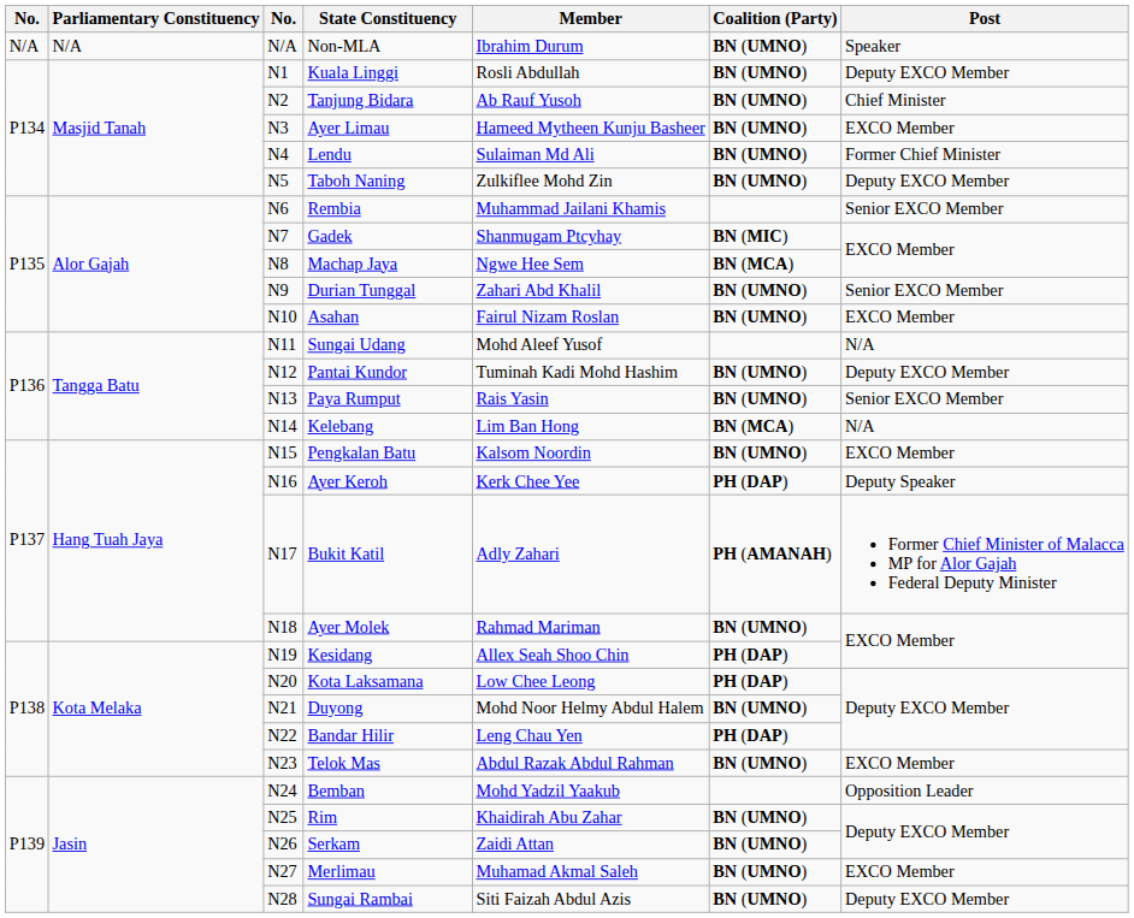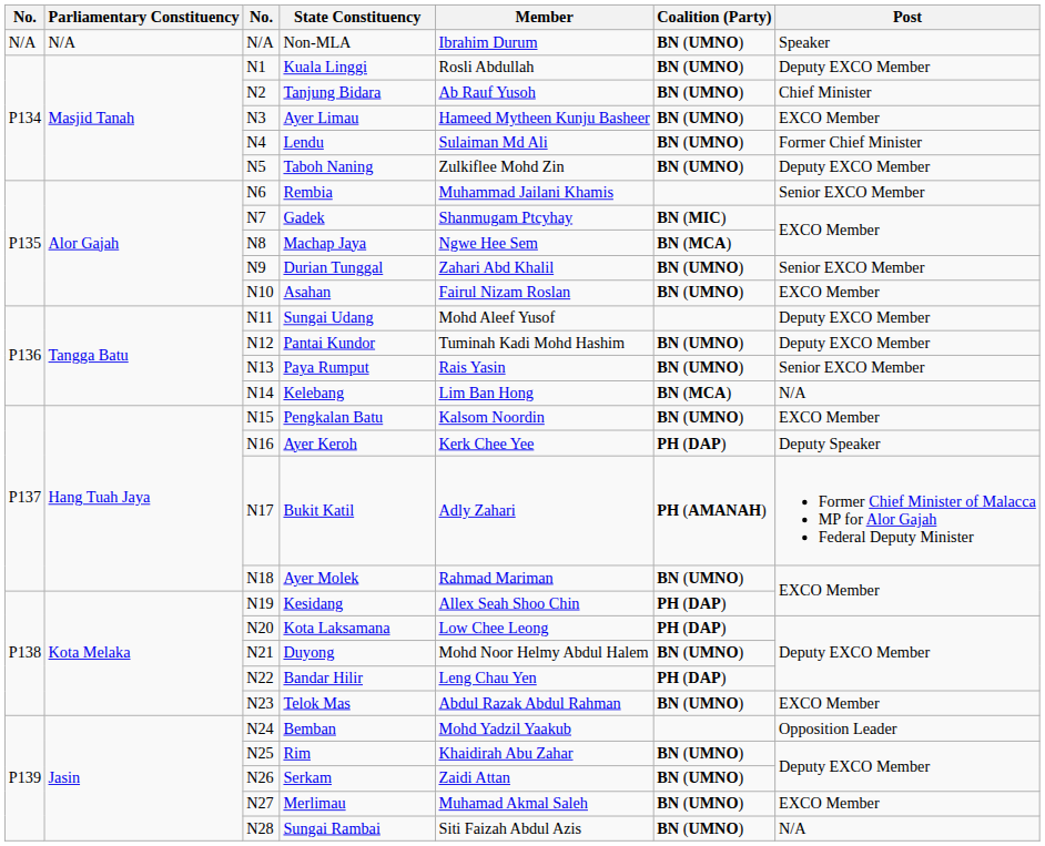 <table class="wikitable">
 <tr>
 <th>No.</th>
 <th>Parliamentary Constituency</th>
 <th width="30">No.</th>
 <th width="150">State Constituency</th>
 <th>Member</th>
 <th>Coalition (Party)</th>
 <th>Post</th>
 </tr>
 <tr>
 <td>N/A</td>
 <td>N/A</td>
 <td>N/A</td>
 <td>Non-MLA</td>
 <td><a href='#'>Ibrahim Durum</a></td>
 <td><strong>BN</strong> (<strong>UMNO</strong>)</td>
 <td>Speaker</td>
 </tr>
 <tr>
 <td rowspan="5">P134</td>
 <td rowspan="5"><a href='#'>Masjid Tanah</a></td>
 <td>N1</td>
 <td><a href='#'>Kuala Linggi</a></td>
 <td>Rosli Abdullah</td>
 <td><strong>BN</strong> (<strong>UMNO</strong>)</td>
 <td>Deputy EXCO Member</td>
 </tr>
 <tr>
 <td>N2</td>
 <td><a href='#'>Tanjung Bidara</a></td>
 <td><a href='#'>Ab Rauf Yusoh</a></td>
 <td><strong>BN</strong> (<strong>UMNO</strong>)</td>
 <td>Chief Minister</td>
 </tr>
 <tr>
 <td>N3</td>
 <td><a href='#'>Ayer Limau</a></td>
 <td><a href='#'>Hameed Mytheen Kunju Basheer</a></td>
 <td><strong>BN</strong> (<strong>UMNO</strong>)</td>
 <td>EXCO Member</td>
 </tr>
 <tr>
 <td>N4</td>
 <td><a href='#'>Lendu</a></td>
 <td><a href='#'>Sulaiman Md Ali</a></td>
 <td><strong>BN</strong> (<strong>UMNO</strong>)</td>
 <td>Former Chief Minister</td>
 </tr>
 <tr>
 <td>N5</td>
 <td><a href='#'>Taboh Naning</a></td>
 <td>Zulkiflee Mohd Zin</td>
 <td><strong>BN</strong> (<strong>UMNO</strong>)</td>
 <td>Deputy EXCO Member</td>
 </tr>
 <tr>
 <td rowspan="5">P135</td>
 <td rowspan="5"><a href='#'>Alor Gajah</a></td>
 <td>N6</td>
 <td><a href='#'>Rembia</a></td>
 <td><a href='#'>Muhammad Jailani Khamis</a></td>
 <td></td>
 <td>Senior EXCO Member</td>
 </tr>
 <tr>
 <td>N7</td>
 <td><a href='#'>Gadek</a></td>
 <td><a href='#'>Shanmugam Ptcyhay</a></td>
 <td><strong>BN</strong> (<strong>MIC</strong>)</td>
 <td rowspan="2">EXCO Member</td>
 </tr>
 <tr>
 <td>N8</td>
 <td><a href='#'>Machap Jaya</a></td>
 <td><a href='#'>Ngwe Hee Sem</a></td>
 <td><strong>BN</strong> (<strong>MCA</strong>)</td>
 </tr>
 <tr>
 <td>N9</td>
 <td><a href='#'>Durian Tunggal</a></td>
 <td><a href='#'>Zahari Abd Khalil</a></td>
 <td><strong>BN</strong> (<strong>UMNO</strong>)</td>
 <td>Senior EXCO Member</td>
 </tr>
 <tr>
 <td>N10</td>
 <td><a href='#'>Asahan</a></td>
 <td><a href='#'>Fairul Nizam Roslan</a></td>
 <td><strong>BN</strong> (<strong>UMNO</strong>)</td>
 <td>EXCO Member</td>
 </tr>
 <tr>
 <td rowspan="4">P136</td>
 <td rowspan="4"><a href='#'>Tangga Batu</a></td>
 <td>N11</td>
 <td><a href='#'>Sungai Udang</a></td>
 <td>Mohd Aleef Yusof</td>
 <td></td>
-<td>N/A</td>
+<td>Deputy EXCO Member</td>
 </tr>
 <tr>
 <td>N12</td>
 <td><a href='#'>Pantai Kundor</a></td>
 <td>Tuminah Kadi Mohd Hashim</td>
 <td><strong>BN</strong> (<strong>UMNO</strong>)</td>
 <td>Deputy EXCO Member</td>
 </tr>
 <tr>
 <td>N13</td>
 <td><a href='#'>Paya Rumput</a></td>
 <td><a href='#'>Rais Yasin</a></td>
 <td><strong>BN</strong> (<strong>UMNO</strong>)</td>
 <td>Senior EXCO Member</td>
 </tr>
 <tr>
 <td>N14</td>
 <td><a href='#'>Kelebang</a></td>
 <td><a href='#'>Lim Ban Hong</a></td>
 <td><strong>BN</strong> (<strong>MCA</strong>)</td>
 <td>N/A</td>
 </tr>
 <tr>
 <td rowspan="4">P137</td>
 <td rowspan="4"><a href='#'>Hang Tuah Jaya</a></td>
 <td>N15</td>
 <td><a href='#'>Pengkalan Batu</a></td>
 <td><a href='#'>Kalsom Noordin</a></td>
 <td><strong>BN</strong> (<strong>UMNO</strong>)</td>
 <td>EXCO Member</td>
 </tr>
 <tr>
 <td>N16</td>
 <td><a href='#'>Ayer Keroh</a></td>
 <td><a href='#'>Kerk Chee Yee</a></td>
 <td><strong>PH</strong> (<strong>DAP</strong>)</td>
 <td>Deputy Speaker</td>
 </tr>
 <tr>
 <td>N17</td>
 <td><a href='#'>Bukit Katil</a></td>
 <td><a href='#'>Adly Zahari</a></td>
 <td><strong>PH</strong> (<strong>AMANAH</strong>)</td>
 <td><br><ul><li>Former <a href='#'>Chief Minister of Malacca</a></li><li>MP for <a href='#'>Alor Gajah</a></li><li>Federal Deputy Minister</li></ul></td>
 </tr>
 <tr>
 <td>N18</td>
 <td><a href='#'>Ayer Molek</a></td>
 <td><a href='#'>Rahmad Mariman</a></td>
 <td><strong>BN</strong> (<strong>UMNO</strong>)</td>
 <td rowspan="2">EXCO Member</td>
 </tr>
 <tr>
 <td rowspan="5">P138</td>
 <td rowspan="5"><a href='#'>Kota Melaka</a></td>
 <td>N19</td>
 <td><a href='#'>Kesidang</a></td>
 <td><a href='#'>Allex Seah Shoo Chin</a></td>
 <td><strong>PH</strong> (<strong>DAP</strong>)</td>
 </tr>
 <tr>
 <td>N20</td>
 <td><a href='#'>Kota Laksamana</a></td>
 <td><a href='#'>Low Chee Leong</a></td>
 <td><strong>PH</strong> (<strong>DAP</strong>)</td>
 <td rowspan="3">Deputy EXCO Member</td>
 </tr>
 <tr>
 <td>N21</td>
 <td><a href='#'>Duyong</a></td>
 <td>Mohd Noor Helmy Abdul Halem</td>
 <td><strong>BN</strong> (<strong>UMNO</strong>)</td>
 </tr>
 <tr>
 <td>N22</td>
 <td><a href='#'>Bandar Hilir</a></td>
 <td><a href='#'>Leng Chau Yen</a></td>
 <td><strong>PH</strong> (<strong>DAP</strong>)</td>
 </tr>
 <tr>
 <td>N23</td>
 <td><a href='#'>Telok Mas</a></td>
 <td><a href='#'>Abdul Razak Abdul Rahman</a></td>
 <td><strong>BN</strong> (<strong>UMNO</strong>)</td>
 <td>EXCO Member</td>
 </tr>
 <tr>
 <td rowspan="5">P139</td>
 <td rowspan="5"><a href='#'>Jasin</a></td>
 <td>N24</td>
 <td><a href='#'>Bemban</a></td>
 <td><a href='#'>Mohd Yadzil Yaakub</a></td>
 <td></td>
 <td>Opposition Leader</td>
 </tr>
 <tr>
 <td>N25</td>
 <td><a href='#'>Rim</a></td>
 <td><a href='#'>Khaidirah Abu Zahar</a></td>
 <td><strong>BN</strong> (<strong>UMNO</strong>)</td>
 <td rowspan="2">Deputy EXCO Member</td>
 </tr>
 <tr>
 <td>N26</td>
 <td><a href='#'>Serkam</a></td>
 <td><a href='#'>Zaidi Attan</a></td>
 <td><strong>BN</strong> (<strong>UMNO</strong>)</td>
 </tr>
 <tr>
 <td>N27</td>
 <td><a href='#'>Merlimau</a></td>
 <td><a href='#'>Muhamad Akmal Saleh</a></td>
 <td><strong>BN</strong> (<strong>UMNO</strong>)</td>
 <td>EXCO Member</td>
 </tr>
 <tr>
 <td>N28</td>
 <td><a href='#'>Sungai Rambai</a></td>
 <td>Siti Faizah Abdul Azis</td>
 <td><strong>BN</strong> (<strong>UMNO</strong>)</td>
-<td>Deputy EXCO Member</td>
+<td>N/A</td>
 </tr>
 </table>
